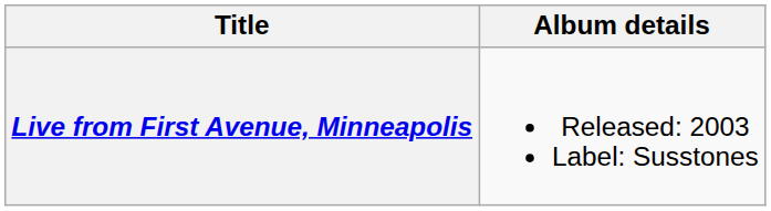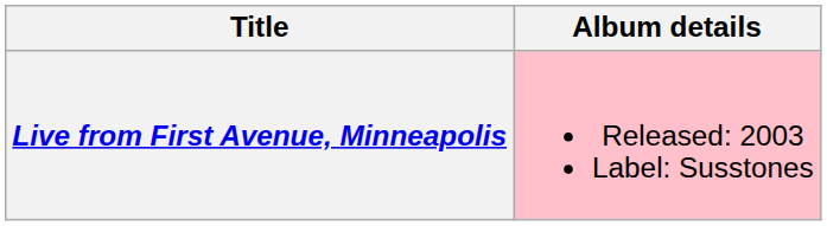 <table class="wikitable plainrowheaders" style="text-align:center;">
 <tr>
 <th scope="col">Title</th>
 <th scope="col">Album details</th>
 </tr>
 <tr>
 <th scope="row"><em><a href='#'>Live from First Avenue, Minneapolis</a></em></th>
-<td><br><ul><li>Released: 2003</li><li>Label: Susstones</li></ul></td>
+<td style="background: pink;"><br><ul><li>Released: 2003</li><li>Label: Susstones</li></ul></td>
 </tr>
 </table>
